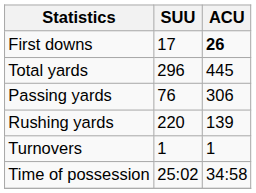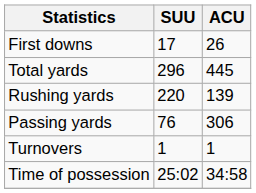 <table class="wikitable" style="float: left;">
 <tr>
 <th>Statistics</th>
 <th>SUU</th>
 <th>ACU</th>
 </tr>
 <tr>
 <td>First downs</td>
 <td>17</td>
-<td><strong>26</strong></td>
+<td>26</td>
 </tr>
 <tr>
 <td>Total yards</td>
 <td>296</td>
 <td>445</td>
 </tr>
 <tr>
+<td>Rushing yards</td>
+<td>220</td>
+<td>139</td>
+</tr>
+<tr>
 <td>Passing yards</td>
 <td>76</td>
 <td>306</td>
-</tr>
-<tr>
-<td>Rushing yards</td>
-<td>220</td>
-<td>139</td>
 </tr>
 <tr>
 <td>Turnovers</td>
 <td>1</td>
 <td>1</td>
 </tr>
 <tr>
 <td>Time of possession</td>
 <td>25:02</td>
 <td>34:58</td>
 </tr>
 <tr>
 </tr>
 </table>
